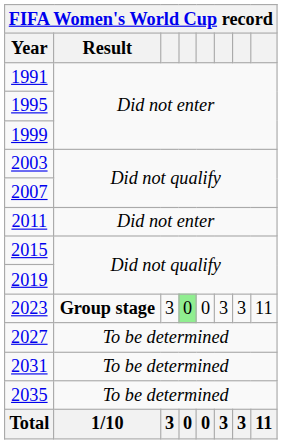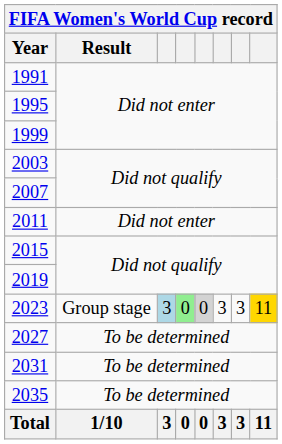 <table class="wikitable" style="text-align: center;">
 <tr>
 <th colspan=9><a href='#'>FIFA Women's World Cup</a> record</th>
 </tr>
 <tr>
 <th>Year</th>
 <th>Result</th>
 <th></th>
 <th></th>
 <th></th>
 <th></th>
 <th></th>
 <th></th>
 </tr>
 <tr>
 <td> <a href='#'>1991</a></td>
 <td colspan=7 rowspan=3><em>Did not enter</em></td>
 </tr>
 <tr>
 <td> <a href='#'>1995</a></td>
 </tr>
 <tr>
 <td> <a href='#'>1999</a></td>
 </tr>
 <tr>
 <td> <a href='#'>2003</a></td>
 <td colspan=7 rowspan=2><em>Did not qualify</em></td>
 </tr>
 <tr>
 <td> <a href='#'>2007</a></td>
 </tr>
 <tr>
 <td> <a href='#'>2011</a></td>
 <td colspan=7><em>Did not enter</em></td>
 </tr>
 <tr>
 <td> <a href='#'>2015</a></td>
 <td colspan=7 rowspan=2><em>Did not qualify</em></td>
 </tr>
 <tr>
 <td> <a href='#'>2019</a></td>
 </tr>
 <tr>
 <td> <a href='#'>2023</a></td>
-<td><strong>Group stage</strong></td>
-<td>3</td>
+<td>Group stage</td>
+<td style="background: lightblue;">3</td>
 <td style="background: lightgreen;">0</td>
-<td>0</td>
+<td style="background: lightgrey;">0</td>
 <td>3</td>
 <td>3</td>
-<td>11</td>
+<td style="background: gold;">11</td>
 </tr>
 <tr>
 <td> <a href='#'>2027</a></td>
 <td colspan=8><em>To be determined</em></td>
 </tr>
 <tr>
 <td> <a href='#'>2031</a></td>
 <td colspan=8><em>To be determined</em></td>
 </tr>
 <tr>
 <td> <a href='#'>2035</a></td>
 <td colspan=8><em>To be determined</em></td>
 </tr>
 <tr>
 <th>Total</th>
 <th>1/10</th>
 <th>3</th>
 <th>0</th>
 <th>0</th>
 <th>3</th>
 <th>3</th>
 <th>11</th>
 </tr>
 </table>
